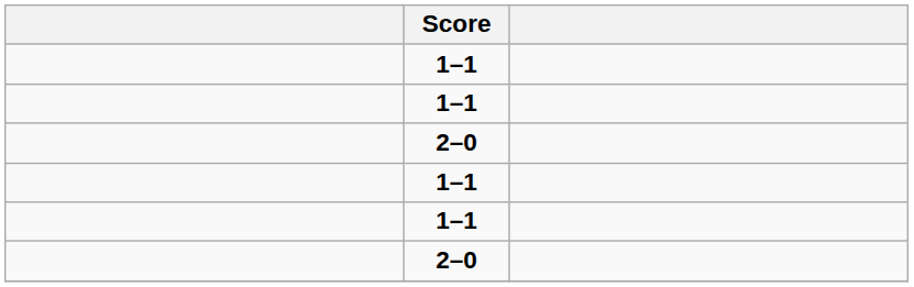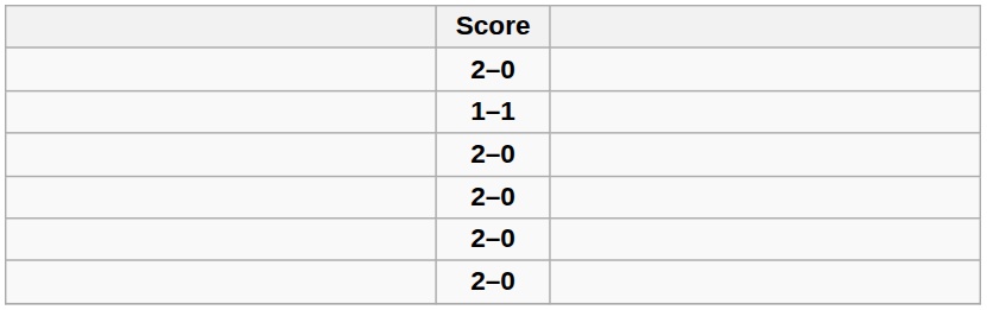 <table class="wikitable" style="text-align: center; font-size:100% ">
 <tr>
 <th align="right" width="250"></th>
 <th width="60">Score</th>
 <th align="left" width="250"></th>
 </tr>
 <tr>
 <td align=left><strong></strong></td>
-<td align=center><strong>1–1</strong></td>
+<td align=center><strong>2–0</strong></td>
 <td align=left></td>
 </tr>
 <tr>
 <td align=left></td>
 <td align=center><strong>1–1</strong></td>
 <td align=left></td>
 </tr>
 <tr>
 <td align=left><strong></strong></td>
 <td align=center><strong>2–0</strong></td>
 <td align=left></td>
 </tr>
 <tr>
 <td align=left><strong></strong></td>
-<td align=center><strong>1–1</strong></td>
+<td align=center><strong>2–0</strong></td>
 <td align=left></td>
 </tr>
 <tr>
 <td align=left></td>
-<td align=center><strong>1–1</strong></td>
+<td align=center><strong>2–0</strong></td>
 <td align=left></td>
 </tr>
 <tr>
 <td align=left><strong></strong></td>
 <td align=center><strong>2–0</strong></td>
 <td align=left></td>
 </tr>
 <tr>
 </tr>
 </table>
